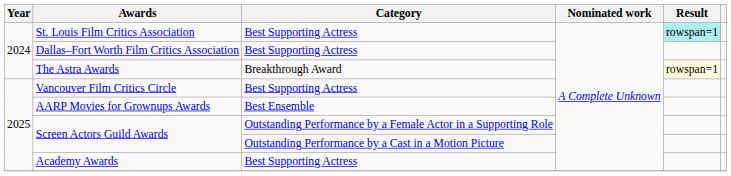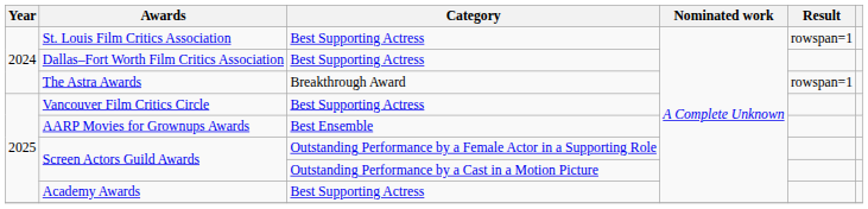 <table class="wikitable">
 <tr>
 <th scope="col">Year</th>
 <th scope="col">Awards</th>
 <th>Category</th>
 <th scope="col">Nominated work</th>
 <th scope="col">Result</th>
 <th class="unsortable"></th>
 </tr>
 <tr>
 <td rowspan="3">2024</td>
 <td><a href='#'>St. Louis Film Critics Association</a></td>
 <td><a href='#'>Best Supporting Actress</a></td>
 <td rowspan="8"><em><a href='#'>A Complete Unknown</a></em></td>
-<td style="background: paleturquoise;">rowspan=1 </td>
+<td>rowspan=1 </td>
 <td></td>
 </tr>
 <tr>
 <td><a href='#'>Dallas–Fort Worth Film Critics Association</a></td>
 <td><a href='#'>Best Supporting Actress</a></td>
 <td></td>
 <td></td>
 </tr>
 <tr>
 <td><a href='#'>The Astra Awards</a></td>
 <td>Breakthrough Award</td>
-<td style="background: lightyellow;">rowspan=1 </td>
+<td>rowspan=1 </td>
 <td></td>
 </tr>
 <tr>
 <td rowspan="5">2025</td>
 <td><a href='#'>Vancouver Film Critics Circle</a></td>
 <td><a href='#'>Best Supporting Actress</a></td>
 <td></td>
 <td></td>
 </tr>
 <tr>
 <td><a href='#'>AARP Movies for Grownups Awards</a></td>
 <td><a href='#'>Best Ensemble</a></td>
 <td></td>
 <td></td>
 </tr>
 <tr>
 <td rowspan="2"><a href='#'>Screen Actors Guild Awards</a></td>
 <td><a href='#'>Outstanding Performance by a Female Actor in a Supporting Role</a></td>
 <td></td>
 <td></td>
 </tr>
 <tr>
 <td><a href='#'>Outstanding Performance by a Cast in a Motion Picture</a></td>
 <td></td>
 <td></td>
 </tr>
 <tr>
 <td><a href='#'>Academy Awards</a></td>
 <td><a href='#'>Best Supporting Actress</a></td>
 <td></td>
 <td></td>
 </tr>
 <tr>
 </tr>
 </table>
